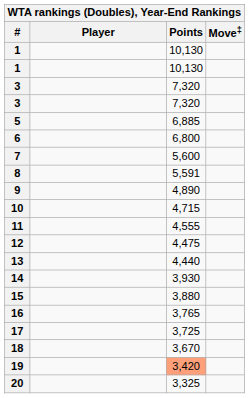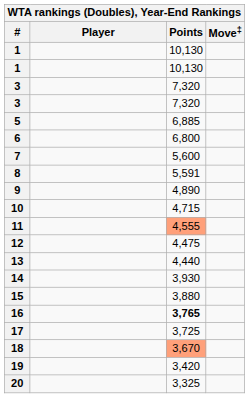 <table class="wikitable sortable" style="text-align:center">
 <tr>
 <th colspan="5">WTA rankings (Doubles), Year-End Rankings</th>
 </tr>
 <tr>
 <th style="width:30px;">#</th>
 <th style="width:190px;">Player</th>
 <th style="width:50px;">Points</th>
 <th style="width:40px;">Move<sup>‡</sup></th>
 </tr>
 <tr>
 <th>1</th>
 <td align=left></td>
 <td>10,130</td>
 <td></td>
 </tr>
 <tr>
 <th>1</th>
 <td align=left></td>
 <td>10,130</td>
 <td></td>
 </tr>
 <tr>
 <th>3</th>
 <td align=left></td>
 <td>7,320</td>
 <td></td>
 </tr>
 <tr>
 <th>3</th>
 <td align=left></td>
 <td>7,320</td>
 <td></td>
 </tr>
 <tr>
 <th>5</th>
 <td align=left></td>
 <td>6,885</td>
 <td></td>
 </tr>
 <tr>
 <th>6</th>
 <td align=left></td>
 <td>6,800</td>
 <td></td>
 </tr>
 <tr>
 <th>7</th>
 <td align=left></td>
 <td>5,600</td>
 <td></td>
 </tr>
 <tr>
 <th>8</th>
 <td align=left></td>
 <td>5,591</td>
 <td></td>
 </tr>
 <tr>
 <th>9</th>
 <td align=left></td>
 <td>4,890</td>
 <td></td>
 </tr>
 <tr>
 <th>10</th>
 <td align=left></td>
 <td>4,715</td>
 <td></td>
 </tr>
 <tr>
 <th>11</th>
 <td align=left></td>
-<td>4,555</td>
+<td style="background: lightsalmon;">4,555</td>
 <td></td>
 </tr>
 <tr>
 <th>12</th>
 <td align=left></td>
 <td>4,475</td>
 <td></td>
 </tr>
 <tr>
 <th>13</th>
 <td align=left></td>
 <td>4,440</td>
 <td></td>
 </tr>
 <tr>
 <th>14</th>
 <td align=left></td>
 <td>3,930</td>
 <td></td>
 </tr>
 <tr>
 <th>15</th>
 <td align=left></td>
 <td>3,880</td>
 <td></td>
 </tr>
 <tr>
 <th>16</th>
 <td align=left></td>
-<td>3,765</td>
+<td><strong>3,765</strong></td>
 <td></td>
 </tr>
 <tr>
 <th>17</th>
 <td align=left></td>
 <td>3,725</td>
 <td></td>
 </tr>
 <tr>
 <th>18</th>
 <td align=left></td>
-<td>3,670</td>
+<td style="background: lightsalmon;">3,670</td>
 <td></td>
 </tr>
 <tr>
 <th>19</th>
 <td align=left></td>
-<td style="background: lightsalmon;">3,420</td>
+<td>3,420</td>
 <td></td>
 </tr>
 <tr>
 <th>20</th>
 <td align=left></td>
 <td>3,325</td>
 <td></td>
 </tr>
 </table>
